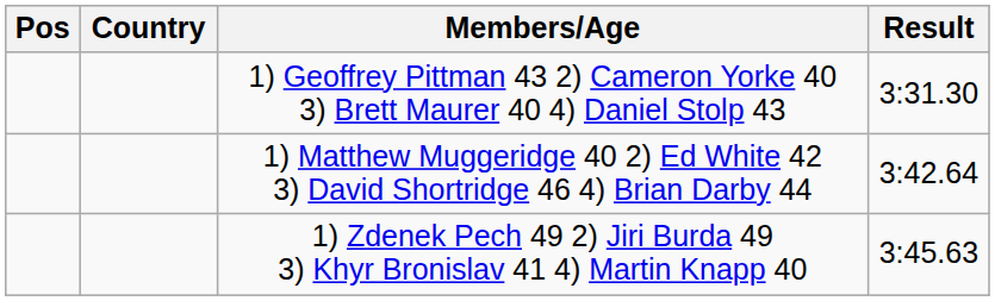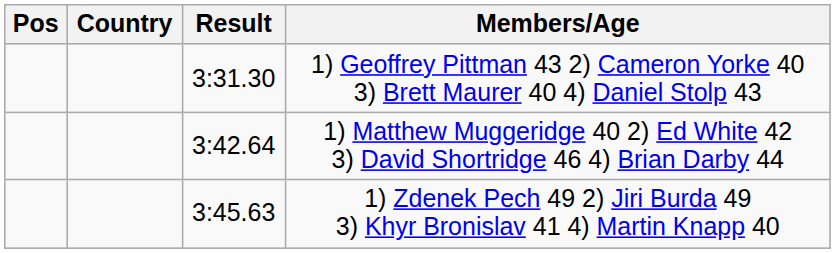 <table class="wikitable"  style="text-align:center; width:60%;">
 <tr>
 <th>Pos</th>
 <th>Country</th>
+<th>Result</th>
 <th>Members/Age</th>
-<th>Result</th>
 </tr>
 <tr>
 <td align=center></td>
 <td align=left></td>
+<td>3:31.30</td>
 <td>1) <a href='#'>Geoffrey Pittman</a> 43 2) <a href='#'>Cameron Yorke</a> 40<br>3) <a href='#'>Brett Maurer</a> 40 4) <a href='#'>Daniel Stolp</a> 43</td>
-<td>3:31.30</td>
 </tr>
 <tr>
 <td align=center></td>
 <td align=left></td>
+<td>3:42.64</td>
 <td>1) <a href='#'>Matthew Muggeridge</a> 40 2) <a href='#'>Ed White</a> 42<br>3) <a href='#'>David Shortridge</a> 46 4) <a href='#'>Brian Darby</a> 44</td>
-<td>3:42.64</td>
 </tr>
 <tr>
 <td align=center></td>
 <td align=left></td>
+<td>3:45.63</td>
 <td>1) <a href='#'>Zdenek Pech</a> 49 2) <a href='#'>Jiri Burda</a> 49<br>3) <a href='#'>Khyr Bronislav</a> 41 4) <a href='#'>Martin Knapp</a> 40</td>
-<td>3:45.63</td>
 </tr>
 </table>
